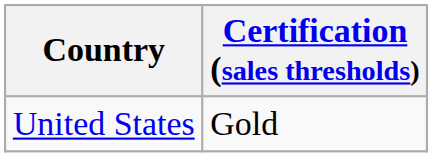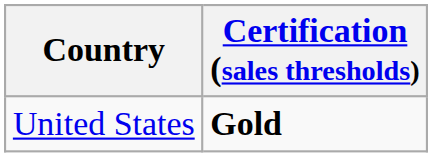 <table class="wikitable sortable">
 <tr>
 <th align="left">Country</th>
 <th><a href='#'>Certification</a><br>(<small><a href='#'>sales thresholds</a>)</small></th>
 </tr>
 <tr>
 <td><a href='#'>United States</a></td>
-<td>Gold </td>
+<td><strong>Gold </strong></td>
 </tr>
 </table>
